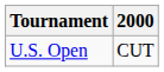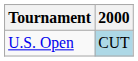 <table class="wikitable" style="font-size:95%;text-align:center;">
 <tr>
 <th>Tournament</th>
 <th>2000</th>
 </tr>
 <tr>
 <td align=left><a href='#'>U.S. Open</a></td>
-<td>CUT</td>
+<td style="background: lightblue;">CUT</td>
 </tr>
 </table>
